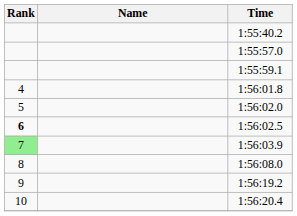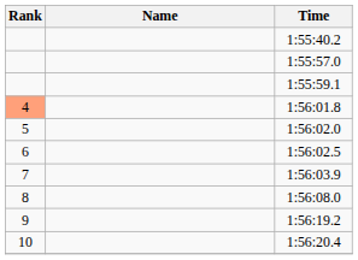 <table class="wikitable" style="text-align:center">
 <tr>
 <th>Rank</th>
 <th width=250>Name</th>
 <th width=80>Time</th>
 </tr>
 <tr>
 <td></td>
 <td align=left></td>
 <td>1:55:40.2</td>
 </tr>
 <tr>
 <td></td>
 <td align=left></td>
 <td>1:55:57.0</td>
 </tr>
 <tr>
 <td></td>
 <td align=left></td>
 <td>1:55:59.1</td>
 </tr>
 <tr>
-<td>4</td>
+<td style="background: lightsalmon;">4</td>
 <td align=left></td>
 <td>1:56:01.8</td>
 </tr>
 <tr>
 <td>5</td>
 <td align=left></td>
 <td>1:56:02.0</td>
 </tr>
 <tr>
-<td><strong>6</strong></td>
+<td>6</td>
 <td align=left></td>
 <td>1:56:02.5</td>
 </tr>
 <tr>
-<td style="background: lightgreen;">7</td>
+<td>7</td>
 <td align=left></td>
 <td>1:56:03.9</td>
 </tr>
 <tr>
 <td>8</td>
 <td align=left></td>
 <td>1:56:08.0</td>
 </tr>
 <tr>
 <td>9</td>
 <td align=left></td>
 <td>1:56:19.2</td>
 </tr>
 <tr>
 <td>10</td>
 <td align=left></td>
 <td>1:56:20.4</td>
 </tr>
 <tr>
 </tr>
 </table>
